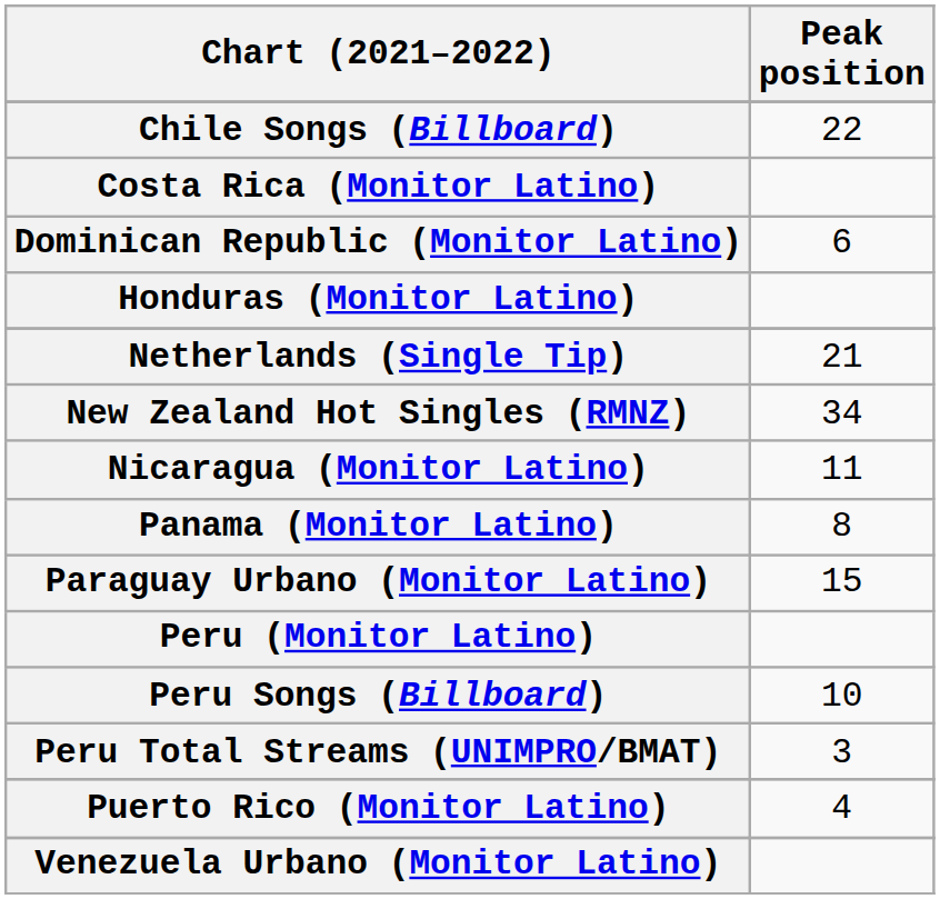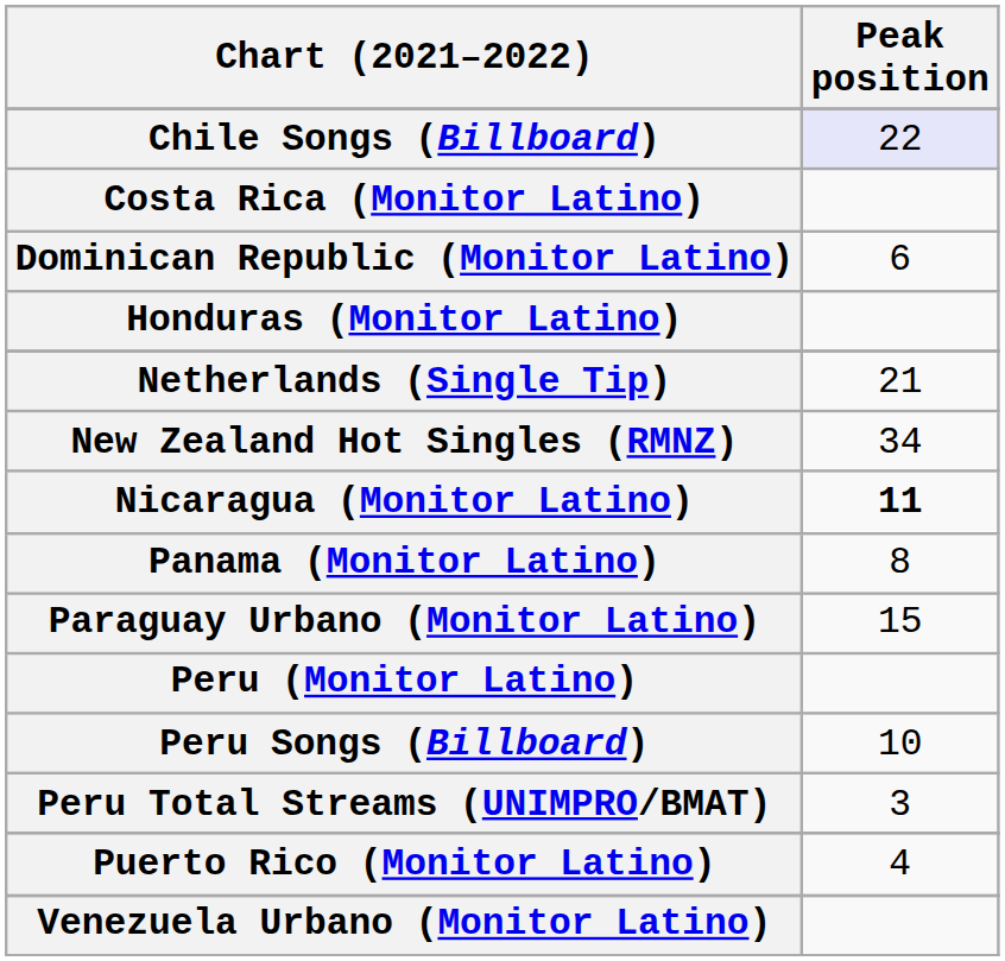 <table class="wikitable sortable plainrowheaders" style="text-align:center">
 <tr>
 <th scope="col">Chart (2021–2022)</th>
 <th scope="col">Peak<br>position</th>
 </tr>
 <tr>
 </tr>
 <tr>
 <th scope="row">Chile Songs (<em><a href='#'>Billboard</a></em>)</th>
-<td>22</td>
+<td style="background: lavender;">22</td>
 </tr>
 <tr>
 <th scope="row">Costa Rica (<a href='#'>Monitor Latino</a>)</th>
 <td></td>
 </tr>
 <tr>
 <th scope="row">Dominican Republic (<a href='#'>Monitor Latino</a>)</th>
 <td>6</td>
 </tr>
 <tr>
 <th scope="row">Honduras (<a href='#'>Monitor Latino</a>)</th>
 <td></td>
 </tr>
 <tr>
 </tr>
 <tr>
 <th scope="row">Netherlands (<a href='#'>Single Tip</a>)</th>
 <td>21</td>
 </tr>
 <tr>
 <th scope="row">New Zealand Hot Singles (<a href='#'>RMNZ</a>)</th>
 <td>34</td>
 </tr>
 <tr>
 <th scope="row">Nicaragua (<a href='#'>Monitor Latino</a>)</th>
-<td>11</td>
+<td><strong>11</strong></td>
 </tr>
 <tr>
 <th scope="row">Panama (<a href='#'>Monitor Latino</a>)</th>
 <td>8</td>
 </tr>
 <tr>
 <th scope="row">Paraguay Urbano (<a href='#'>Monitor Latino</a>)</th>
 <td>15</td>
 </tr>
 <tr>
 <th scope="row">Peru (<a href='#'>Monitor Latino</a>)</th>
 <td></td>
 </tr>
 <tr>
 <th scope="row">Peru Songs (<em><a href='#'>Billboard</a></em>)</th>
 <td>10</td>
 </tr>
 <tr>
 <th scope="row">Peru Total Streams (<a href='#'>UNIMPRO</a>/BMAT)</th>
 <td>3</td>
 </tr>
 <tr>
 </tr>
 <tr>
 <th scope="row">Puerto Rico (<a href='#'>Monitor Latino</a>)</th>
 <td>4</td>
 </tr>
 <tr>
 </tr>
 <tr>
 </tr>
 <tr>
 </tr>
 <tr>
 </tr>
 <tr>
 </tr>
 <tr>
 </tr>
 <tr>
 </tr>
 <tr>
 <th scope="row">Venezuela Urbano (<a href='#'>Monitor Latino</a>)</th>
 <td></td>
 </tr>
 <tr>
 </tr>
 </table>
